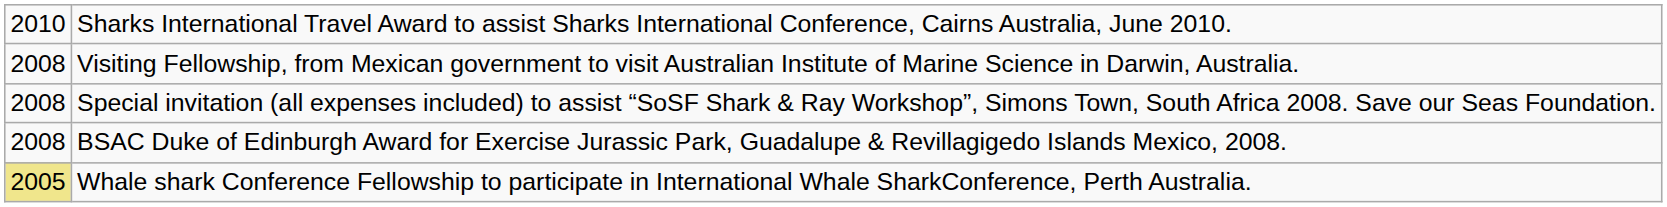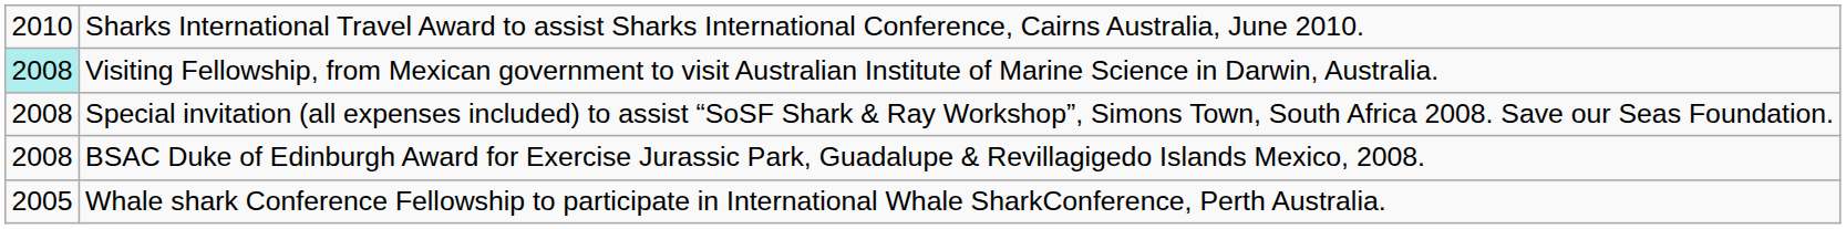 <table class="wikitable">
 <tr>
 <td>2010</td>
 <td>Sharks  International Travel Award to assist Sharks International Conference, Cairns  Australia, June 2010.</td>
 </tr>
 <tr>
-<td>2008</td>
+<td style="background: paleturquoise;">2008</td>
 <td>Visiting  Fellowship, from Mexican government to visit Australian Institute of Marine  Science in Darwin, Australia.</td>
 </tr>
 <tr>
 <td>2008</td>
 <td>Special invitation  (all expenses included) to assist “SoSF Shark & Ray Workshop”,  Simons Town, South Africa 2008. Save our Seas Foundation.</td>
 </tr>
 <tr>
 <td>2008</td>
 <td>BSAC  Duke of Edinburgh Award for Exercise Jurassic Park, Guadalupe & Revillagigedo  Islands Mexico, 2008.</td>
 </tr>
 <tr>
-<td style="background: khaki;">2005</td>
+<td>2005</td>
 <td>Whale  shark Conference Fellowship to participate in International Whale SharkConference,  Perth Australia.</td>
 </tr>
 </table>
